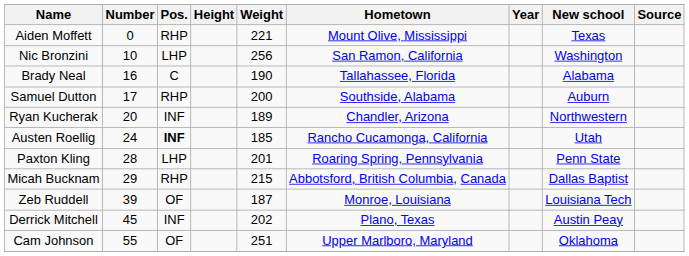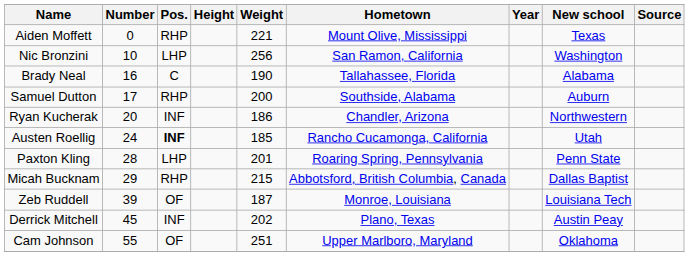 <table class="wikitable sortable" style="text-align: center">
 <tr>
 </tr>
 <tr>
 <th>Name</th>
 <th>Number</th>
 <th>Pos.</th>
 <th>Height</th>
 <th>Weight</th>
 <th>Hometown</th>
 <th>Year</th>
 <th>New school</th>
 <th>Source</th>
 </tr>
 <tr>
 <td>Aiden Moffett</td>
 <td>0</td>
 <td>RHP</td>
 <td></td>
 <td>221</td>
 <td><a href='#'>Mount Olive, Mississippi</a></td>
 <td></td>
 <td><a href='#'>Texas</a></td>
 <td></td>
 </tr>
 <tr>
 <td>Nic Bronzini</td>
 <td>10</td>
 <td>LHP</td>
 <td></td>
 <td>256</td>
 <td><a href='#'>San Ramon, California</a></td>
 <td></td>
 <td><a href='#'>Washington</a></td>
 <td></td>
 </tr>
 <tr>
 <td>Brady Neal</td>
 <td>16</td>
 <td>C</td>
 <td></td>
 <td>190</td>
 <td><a href='#'>Tallahassee, Florida</a></td>
 <td></td>
 <td><a href='#'>Alabama</a></td>
 <td></td>
 </tr>
 <tr>
 <td>Samuel Dutton</td>
 <td>17</td>
 <td>RHP</td>
 <td></td>
 <td>200</td>
 <td><a href='#'>Southside, Alabama</a></td>
 <td></td>
 <td><a href='#'>Auburn</a></td>
 <td></td>
 </tr>
 <tr>
 <td>Ryan Kucherak</td>
 <td>20</td>
 <td>INF</td>
 <td></td>
-<td>189</td>
+<td>186</td>
 <td><a href='#'>Chandler, Arizona</a></td>
 <td></td>
 <td><a href='#'>Northwestern</a></td>
 <td></td>
 </tr>
 <tr>
 <td>Austen Roellig</td>
 <td>24</td>
 <td><strong>INF</strong></td>
 <td></td>
 <td>185</td>
 <td><a href='#'>Rancho Cucamonga, California</a></td>
 <td></td>
 <td><a href='#'>Utah</a></td>
 <td></td>
 </tr>
 <tr>
 <td>Paxton Kling</td>
 <td>28</td>
 <td>LHP</td>
 <td></td>
 <td>201</td>
 <td><a href='#'>Roaring Spring, Pennsylvania</a></td>
 <td></td>
 <td><a href='#'>Penn State</a></td>
 <td></td>
 </tr>
 <tr>
 <td>Micah Bucknam</td>
 <td>29</td>
 <td>RHP</td>
 <td></td>
 <td>215</td>
 <td><a href='#'>Abbotsford, British Columbia</a>, <a href='#'>Canada</a></td>
 <td></td>
 <td><a href='#'>Dallas Baptist</a></td>
 <td></td>
 </tr>
 <tr>
 <td>Zeb Ruddell</td>
 <td>39</td>
 <td>OF</td>
 <td></td>
 <td>187</td>
 <td><a href='#'>Monroe, Louisiana</a></td>
 <td></td>
 <td><a href='#'>Louisiana Tech</a></td>
 <td></td>
 </tr>
 <tr>
 <td>Derrick Mitchell</td>
 <td>45</td>
 <td>INF</td>
 <td></td>
 <td>202</td>
 <td><a href='#'>Plano, Texas</a></td>
 <td></td>
 <td><a href='#'>Austin Peay</a></td>
 <td></td>
 </tr>
 <tr>
 <td>Cam Johnson</td>
 <td>55</td>
 <td>OF</td>
 <td></td>
 <td>251</td>
 <td><a href='#'>Upper Marlboro, Maryland</a></td>
 <td></td>
 <td><a href='#'>Oklahoma</a></td>
 <td></td>
 </tr>
 <tr>
 </tr>
 </table>
